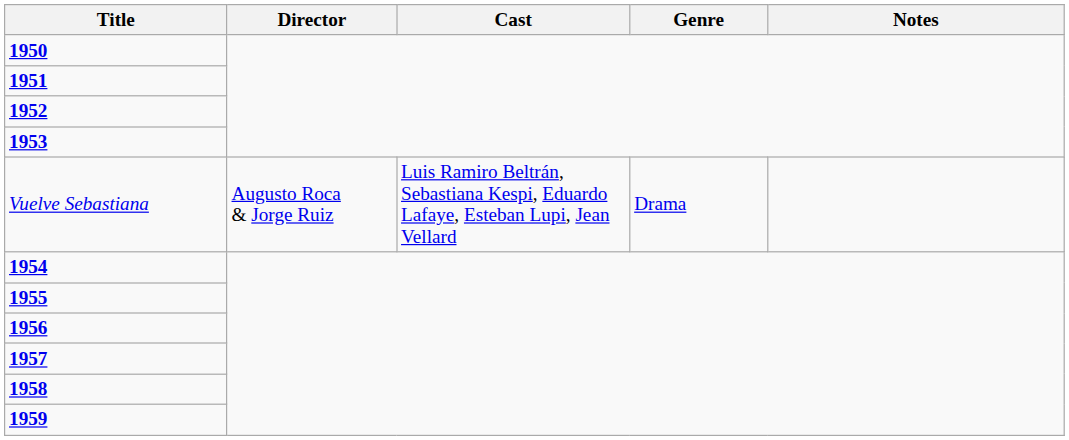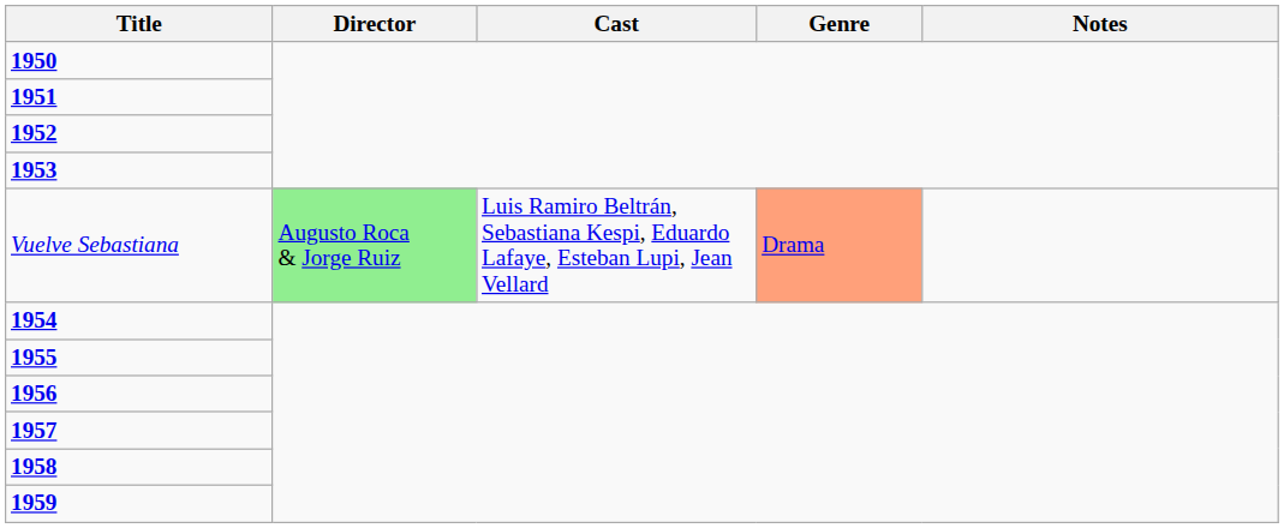 <table class="wikitable" style="width:100%;">
 <tr>
 <th style="width:21%;">Title</th>
 <th style="width:16%;">Director</th>
 <th style="width:22%;">Cast</th>
 <th style="width:13%;">Genre</th>
 <th style="width:28%;">Notes</th>
 </tr>
 <tr>
 <td><strong><a href='#'>1950</a></strong></td>
 </tr>
 <tr>
 <td><strong><a href='#'>1951</a></strong></td>
 </tr>
 <tr>
 <td><strong><a href='#'>1952</a></strong></td>
 </tr>
 <tr>
 <td><strong><a href='#'>1953</a></strong></td>
 </tr>
 <tr>
 <td><em><a href='#'>Vuelve Sebastiana</a></em></td>
-<td><a href='#'>Augusto Roca</a><br>& <a href='#'>Jorge Ruiz</a></td>
+<td style="background: lightgreen;"><a href='#'>Augusto Roca</a><br>& <a href='#'>Jorge Ruiz</a></td>
 <td><a href='#'>Luis Ramiro Beltrán</a>, <a href='#'>Sebastiana Kespi</a>, <a href='#'>Eduardo Lafaye</a>, <a href='#'>Esteban Lupi</a>, <a href='#'>Jean Vellard</a></td>
-<td><a href='#'>Drama</a></td>
+<td style="background: lightsalmon;"><a href='#'>Drama</a></td>
 <td></td>
 </tr>
 <tr>
 <td><strong><a href='#'>1954</a></strong></td>
 </tr>
 <tr>
 <td><strong><a href='#'>1955</a></strong></td>
 </tr>
 <tr>
 <td><strong><a href='#'>1956</a></strong></td>
 </tr>
 <tr>
 <td><strong><a href='#'>1957</a></strong></td>
 </tr>
 <tr>
 <td><strong><a href='#'>1958</a></strong></td>
 </tr>
 <tr>
 <td><strong><a href='#'>1959</a></strong></td>
 </tr>
 </table>
